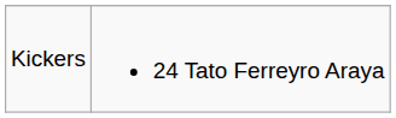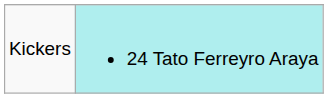 <table class="wikitable">
 <tr>
 </tr>
 <tr>
 <td>Kickers</td>
-<td><br><ul><li>24 Tato Ferreyro Araya</li></ul></td>
+<td style="background: paleturquoise;"><br><ul><li>24 Tato Ferreyro Araya</li></ul></td>
 </tr>
 </table>
